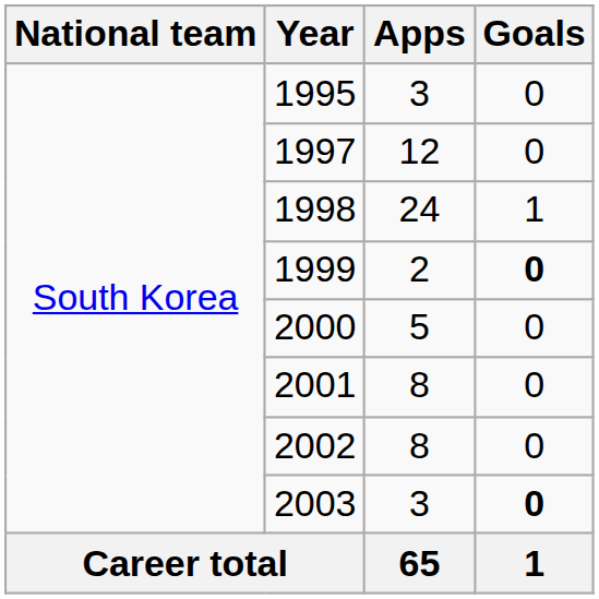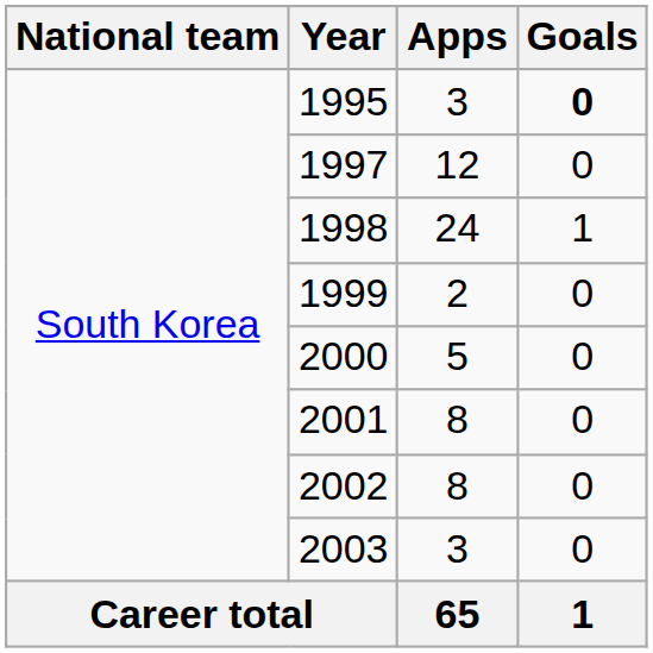 <table class="wikitable" style="text-align:center">
 <tr>
 <th>National team</th>
 <th>Year</th>
 <th>Apps</th>
 <th>Goals</th>
 </tr>
 <tr>
 <td rowspan="8"><a href='#'>South Korea</a></td>
 <td>1995</td>
 <td>3</td>
-<td>0</td>
+<td><strong>0</strong></td>
 </tr>
 <tr>
 <td>1997</td>
 <td>12</td>
 <td>0</td>
 </tr>
 <tr>
 <td>1998</td>
 <td>24</td>
 <td>1</td>
 </tr>
 <tr>
 <td>1999</td>
 <td>2</td>
-<td><strong>0</strong></td>
+<td>0</td>
 </tr>
 <tr>
 <td>2000</td>
 <td>5</td>
 <td>0</td>
 </tr>
 <tr>
 <td>2001</td>
 <td>8</td>
 <td>0</td>
 </tr>
 <tr>
 <td>2002</td>
 <td>8</td>
 <td>0</td>
 </tr>
 <tr>
 <td>2003</td>
 <td>3</td>
-<td><strong>0</strong></td>
+<td>0</td>
 </tr>
 <tr>
 <th colspan="2">Career total</th>
 <th>65</th>
 <th>1</th>
 </tr>
 </table>
